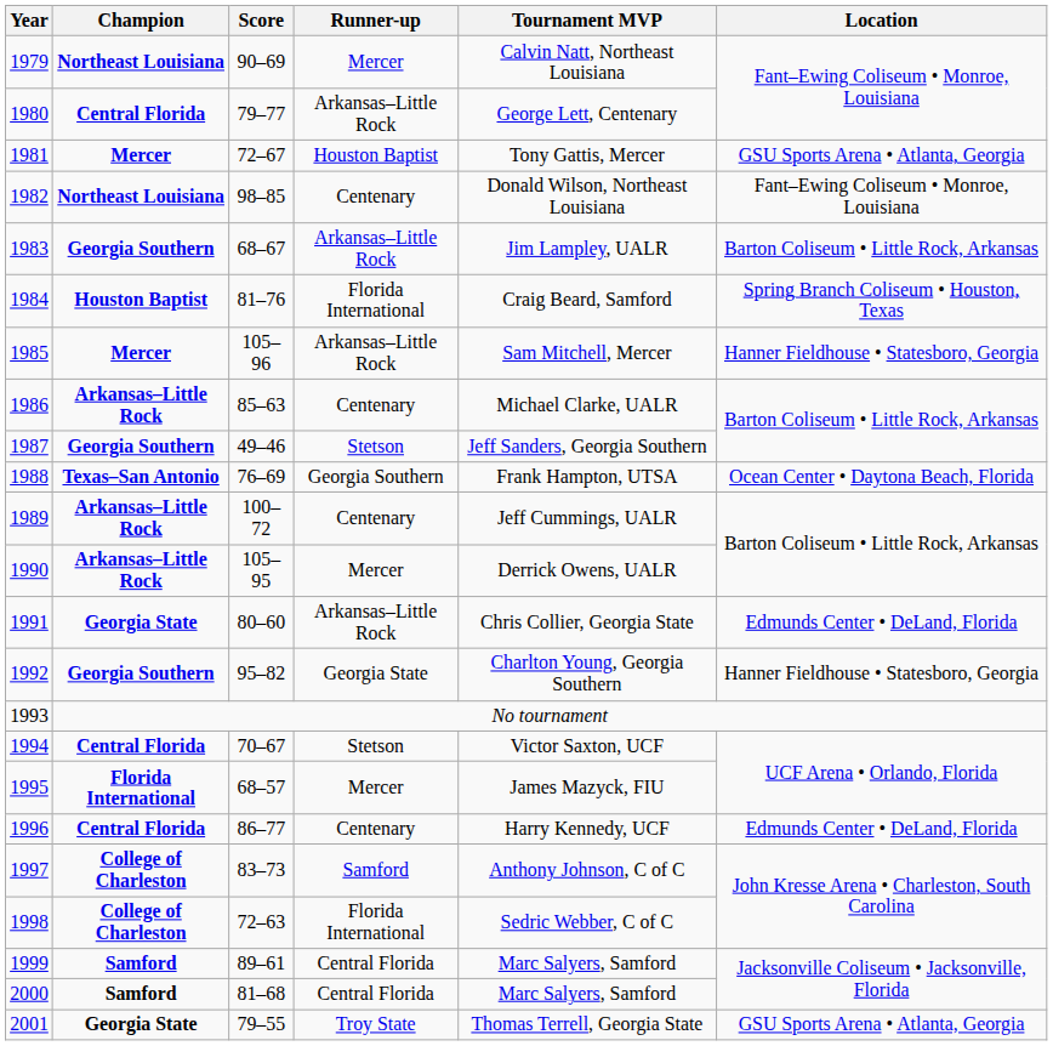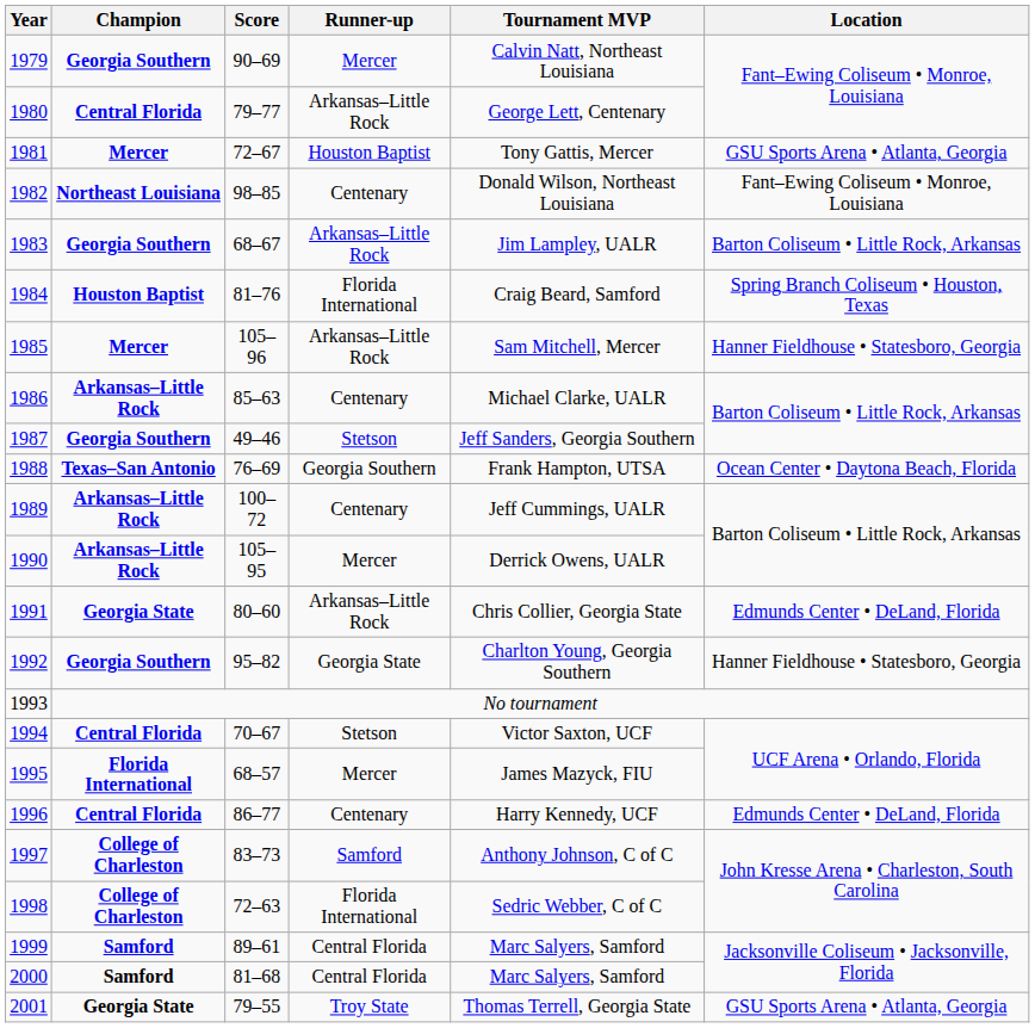 <table class="wikitable sortable" style="text-align:center">
 <tr>
 <th width=px>Year</th>
 <th width=px>Champion</th>
 <th width=px>Score</th>
 <th width=px>Runner-up</th>
 <th width=px>Tournament MVP</th>
 <th width=px>Location</th>
 </tr>
 <tr>
 <td><a href='#'>1979</a></td>
-<td><strong><a href='#'>Northeast Louisiana</a></strong></td>
+<td><strong><a href='#'>Georgia Southern</a></strong></td>
 <td>90–69</td>
 <td><a href='#'>Mercer</a></td>
 <td><a href='#'>Calvin Natt</a>, Northeast Louisiana</td>
 <td rowspan=2><a href='#'>Fant–Ewing Coliseum</a> • <a href='#'>Monroe, Louisiana</a></td>
 </tr>
 <tr>
 <td><a href='#'>1980</a></td>
 <td><strong><a href='#'>Central Florida</a></strong></td>
 <td>79–77</td>
 <td>Arkansas–Little Rock</td>
 <td><a href='#'>George Lett</a>, Centenary</td>
 </tr>
 <tr>
 <td><a href='#'>1981</a></td>
 <td><strong><a href='#'>Mercer</a></strong></td>
 <td>72–67</td>
 <td><a href='#'>Houston Baptist</a></td>
 <td>Tony Gattis, Mercer</td>
 <td><a href='#'>GSU Sports Arena</a> • <a href='#'>Atlanta, Georgia</a></td>
 </tr>
 <tr>
 <td><a href='#'>1982</a></td>
 <td><strong><a href='#'>Northeast Louisiana</a></strong></td>
 <td>98–85</td>
 <td>Centenary</td>
 <td>Donald Wilson, Northeast Louisiana</td>
 <td>Fant–Ewing Coliseum • Monroe, Louisiana</td>
 </tr>
 <tr>
 <td><a href='#'>1983</a></td>
 <td><strong><a href='#'>Georgia Southern</a></strong></td>
 <td>68–67</td>
 <td><a href='#'>Arkansas–Little Rock</a></td>
 <td><a href='#'>Jim Lampley</a>, UALR</td>
 <td><a href='#'>Barton Coliseum</a> • <a href='#'>Little Rock, Arkansas</a></td>
 </tr>
 <tr>
 <td><a href='#'>1984</a></td>
 <td><strong><a href='#'>Houston Baptist</a></strong></td>
 <td>81–76</td>
 <td>Florida International</td>
 <td>Craig Beard, Samford</td>
 <td><a href='#'>Spring Branch Coliseum</a> • <a href='#'>Houston, Texas</a></td>
 </tr>
 <tr>
 <td><a href='#'>1985</a></td>
 <td><strong><a href='#'>Mercer</a></strong></td>
 <td>105–96</td>
 <td>Arkansas–Little Rock</td>
 <td><a href='#'>Sam Mitchell</a>, Mercer</td>
 <td><a href='#'>Hanner Fieldhouse</a> • <a href='#'>Statesboro, Georgia</a></td>
 </tr>
 <tr>
 <td><a href='#'>1986</a></td>
 <td><strong><a href='#'>Arkansas–Little Rock</a></strong></td>
 <td>85–63</td>
 <td>Centenary</td>
 <td>Michael Clarke, UALR</td>
 <td rowspan=2><a href='#'>Barton Coliseum</a> • <a href='#'>Little Rock, Arkansas</a></td>
 </tr>
 <tr>
 <td><a href='#'>1987</a></td>
 <td><strong><a href='#'>Georgia Southern</a></strong></td>
 <td>49–46</td>
 <td><a href='#'>Stetson</a></td>
 <td><a href='#'>Jeff Sanders</a>, Georgia Southern</td>
 </tr>
 <tr>
 <td><a href='#'>1988</a></td>
 <td><strong><a href='#'>Texas–San Antonio</a></strong></td>
 <td>76–69</td>
 <td>Georgia Southern</td>
 <td>Frank Hampton, UTSA</td>
 <td><a href='#'>Ocean Center</a> • <a href='#'>Daytona Beach, Florida</a></td>
 </tr>
 <tr>
 <td><a href='#'>1989</a></td>
 <td><strong><a href='#'>Arkansas–Little Rock</a></strong></td>
 <td>100–72</td>
 <td>Centenary</td>
 <td>Jeff Cummings, UALR</td>
 <td rowspan=2>Barton Coliseum • Little Rock, Arkansas</td>
 </tr>
 <tr>
 <td><a href='#'>1990</a></td>
 <td><strong><a href='#'>Arkansas–Little Rock</a></strong></td>
 <td>105–95</td>
 <td>Mercer</td>
 <td>Derrick Owens, UALR</td>
 </tr>
 <tr>
 <td><a href='#'>1991</a></td>
 <td><strong><a href='#'>Georgia State</a></strong></td>
 <td>80–60</td>
 <td>Arkansas–Little Rock</td>
 <td>Chris Collier, Georgia State</td>
 <td><a href='#'>Edmunds Center</a> • <a href='#'>DeLand, Florida</a></td>
 </tr>
 <tr>
 <td><a href='#'>1992</a></td>
 <td><strong><a href='#'>Georgia Southern</a></strong></td>
 <td>95–82</td>
 <td>Georgia State</td>
 <td><a href='#'>Charlton Young</a>, Georgia Southern</td>
 <td>Hanner Fieldhouse • Statesboro, Georgia</td>
 </tr>
 <tr>
 <td>1993</td>
 <td colspan=5 align="center"><em>No tournament</em></td>
 </tr>
 <tr>
 <td><a href='#'>1994</a></td>
 <td><strong><a href='#'>Central Florida</a></strong></td>
 <td>70–67</td>
 <td>Stetson</td>
 <td>Victor Saxton, UCF</td>
 <td rowspan=2><a href='#'>UCF Arena</a> • <a href='#'>Orlando, Florida</a></td>
 </tr>
 <tr>
 <td><a href='#'>1995</a></td>
 <td><strong><a href='#'>Florida International</a></strong></td>
 <td>68–57</td>
 <td>Mercer</td>
 <td>James Mazyck, FIU</td>
 </tr>
 <tr>
 <td><a href='#'>1996</a></td>
 <td><strong><a href='#'>Central Florida</a></strong></td>
 <td>86–77</td>
 <td>Centenary</td>
 <td>Harry Kennedy, UCF</td>
 <td><a href='#'>Edmunds Center</a> • <a href='#'>DeLand, Florida</a></td>
 </tr>
 <tr>
 <td><a href='#'>1997</a></td>
 <td><strong><a href='#'>College of Charleston</a></strong></td>
 <td>83–73</td>
 <td><a href='#'>Samford</a></td>
 <td><a href='#'>Anthony Johnson</a>, C of C</td>
 <td rowspan=2><a href='#'>John Kresse Arena</a> • <a href='#'>Charleston, South Carolina</a></td>
 </tr>
 <tr>
 <td><a href='#'>1998</a></td>
 <td><strong><a href='#'>College of Charleston</a></strong></td>
 <td>72–63</td>
 <td>Florida International</td>
 <td><a href='#'>Sedric Webber</a>, C of C</td>
 </tr>
 <tr>
 <td><a href='#'>1999</a></td>
 <td><strong><a href='#'>Samford</a></strong></td>
 <td>89–61</td>
 <td>Central Florida</td>
 <td><a href='#'>Marc Salyers</a>, Samford</td>
 <td rowspan=2><a href='#'>Jacksonville Coliseum</a> • <a href='#'>Jacksonville, Florida</a></td>
 </tr>
 <tr>
 <td><a href='#'>2000</a></td>
 <td><strong>Samford</strong></td>
 <td>81–68</td>
 <td>Central Florida</td>
 <td><a href='#'>Marc Salyers</a>, Samford</td>
 </tr>
 <tr>
 <td><a href='#'>2001</a></td>
 <td><strong>Georgia State</strong></td>
 <td>79–55</td>
 <td><a href='#'>Troy State</a></td>
 <td><a href='#'>Thomas Terrell</a>, Georgia State</td>
 <td><a href='#'>GSU Sports Arena</a> • <a href='#'>Atlanta, Georgia</a></td>
 </tr>
 </table>
